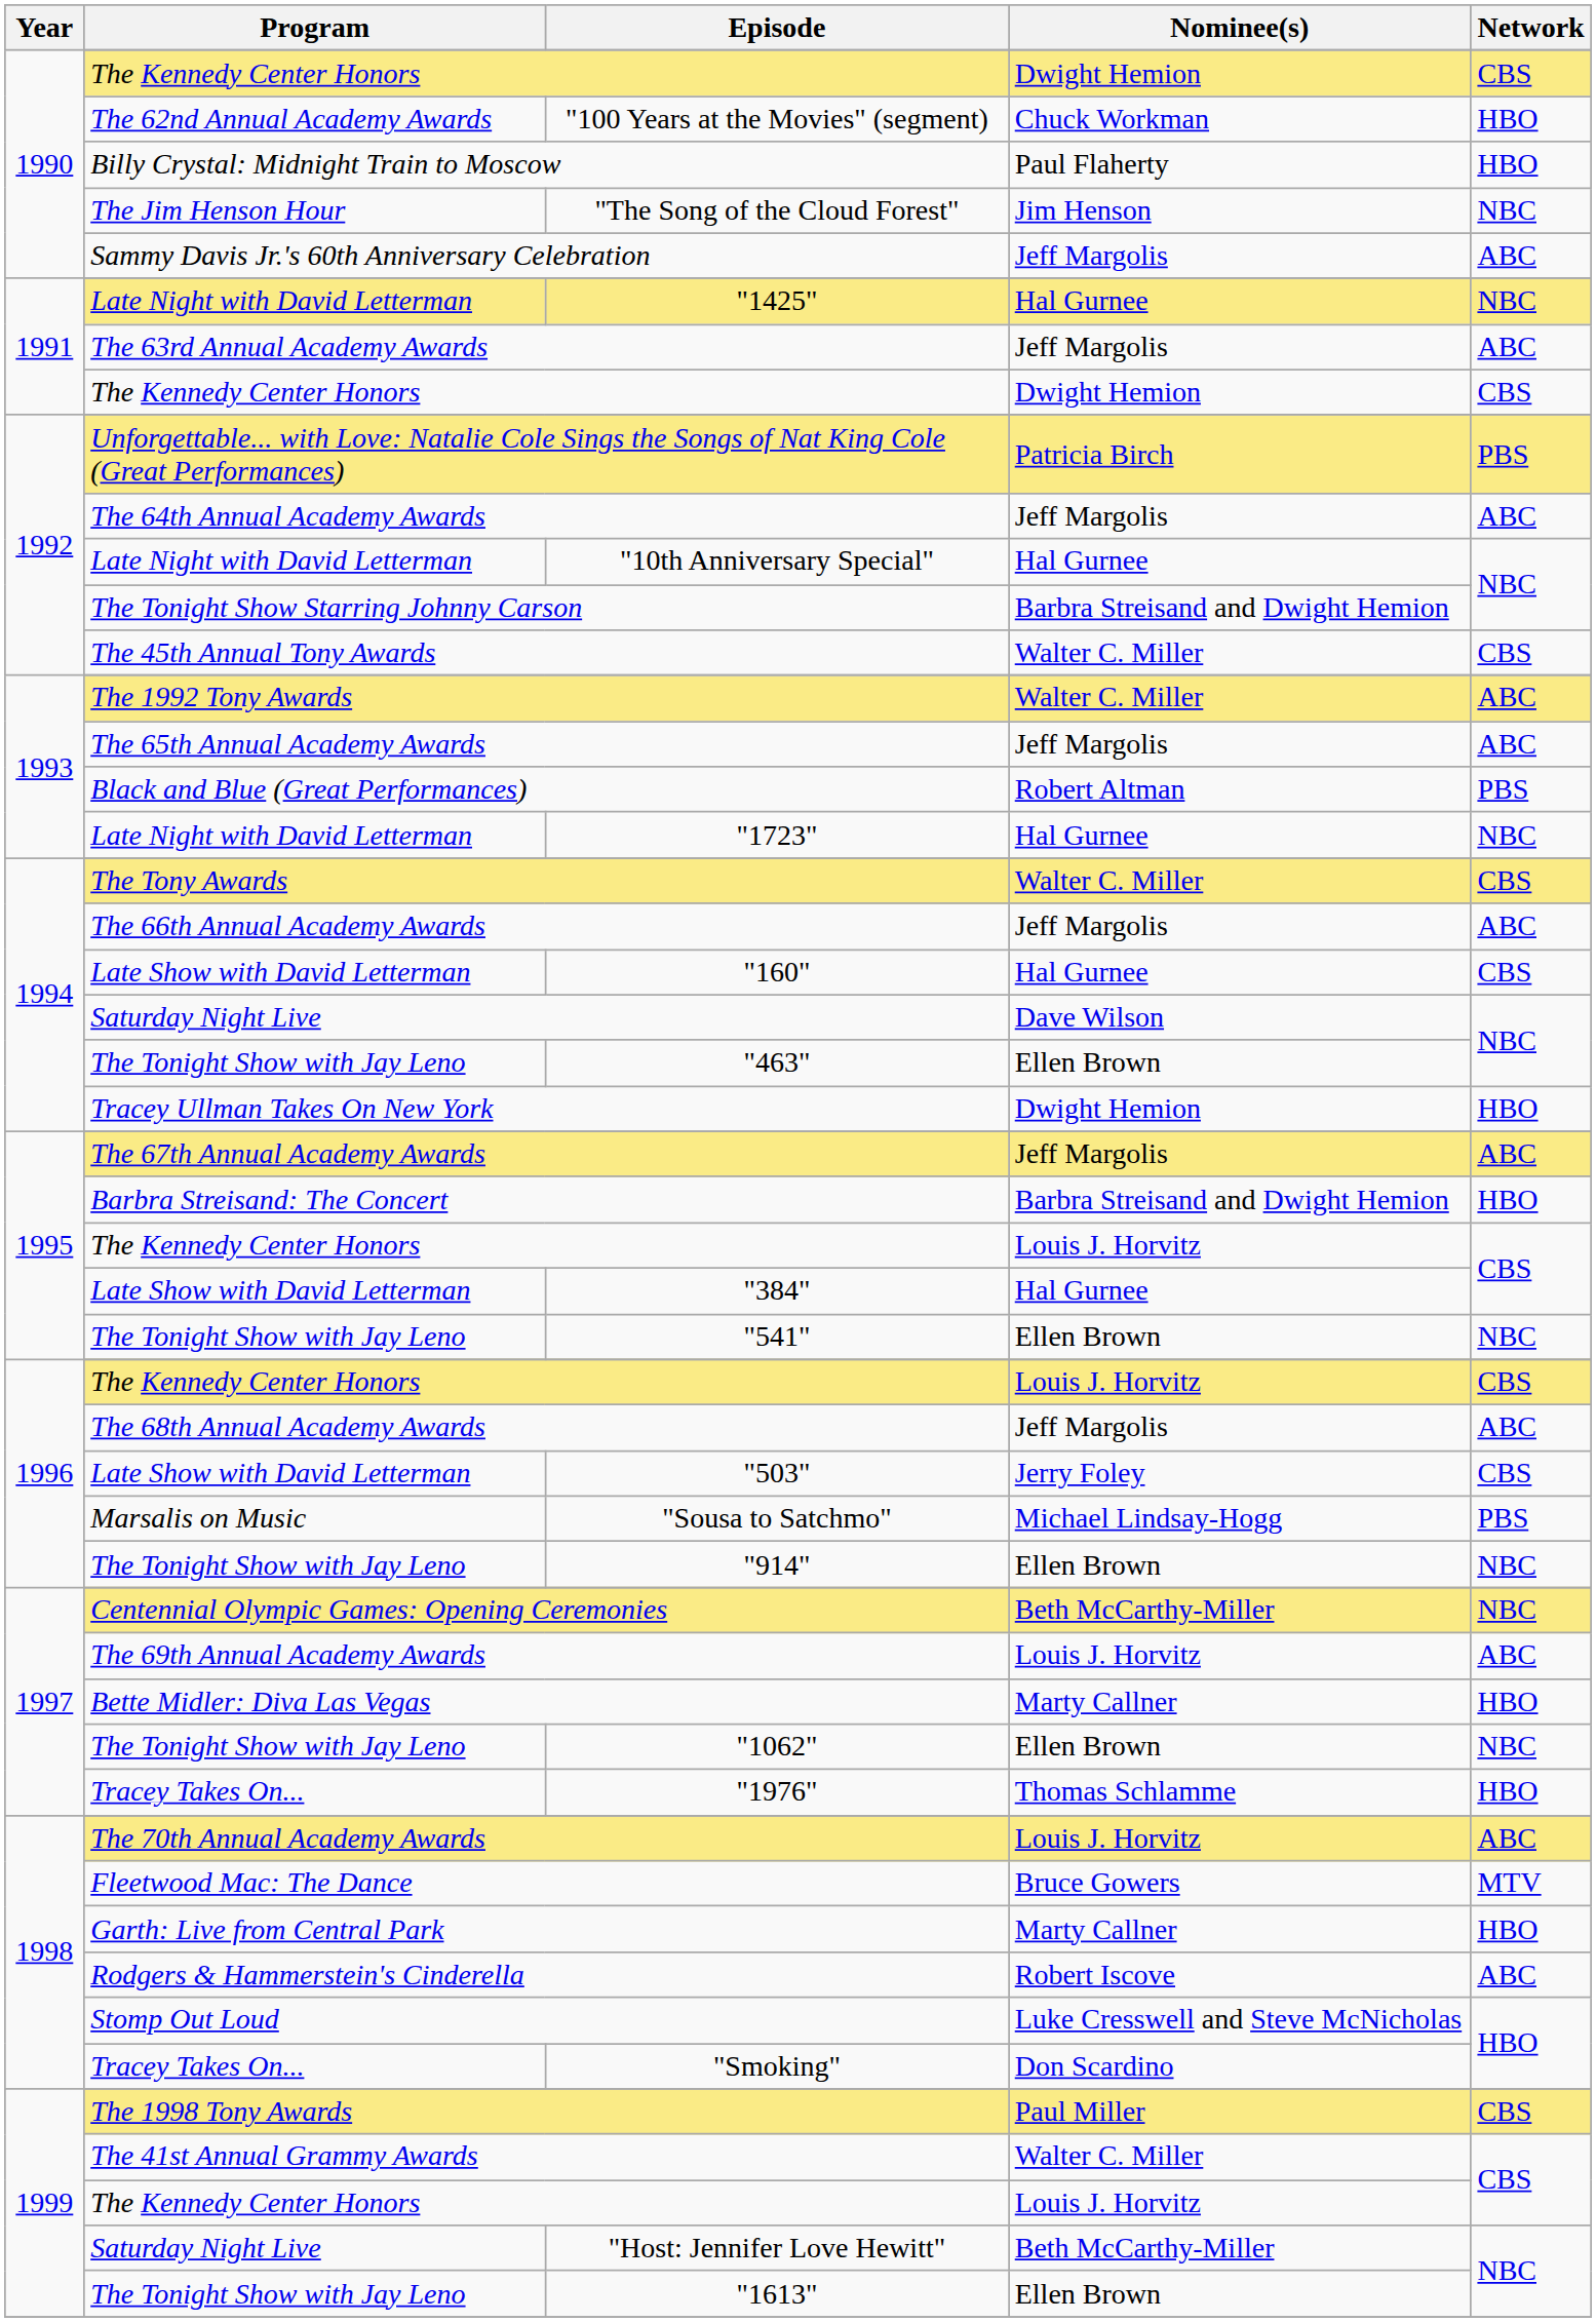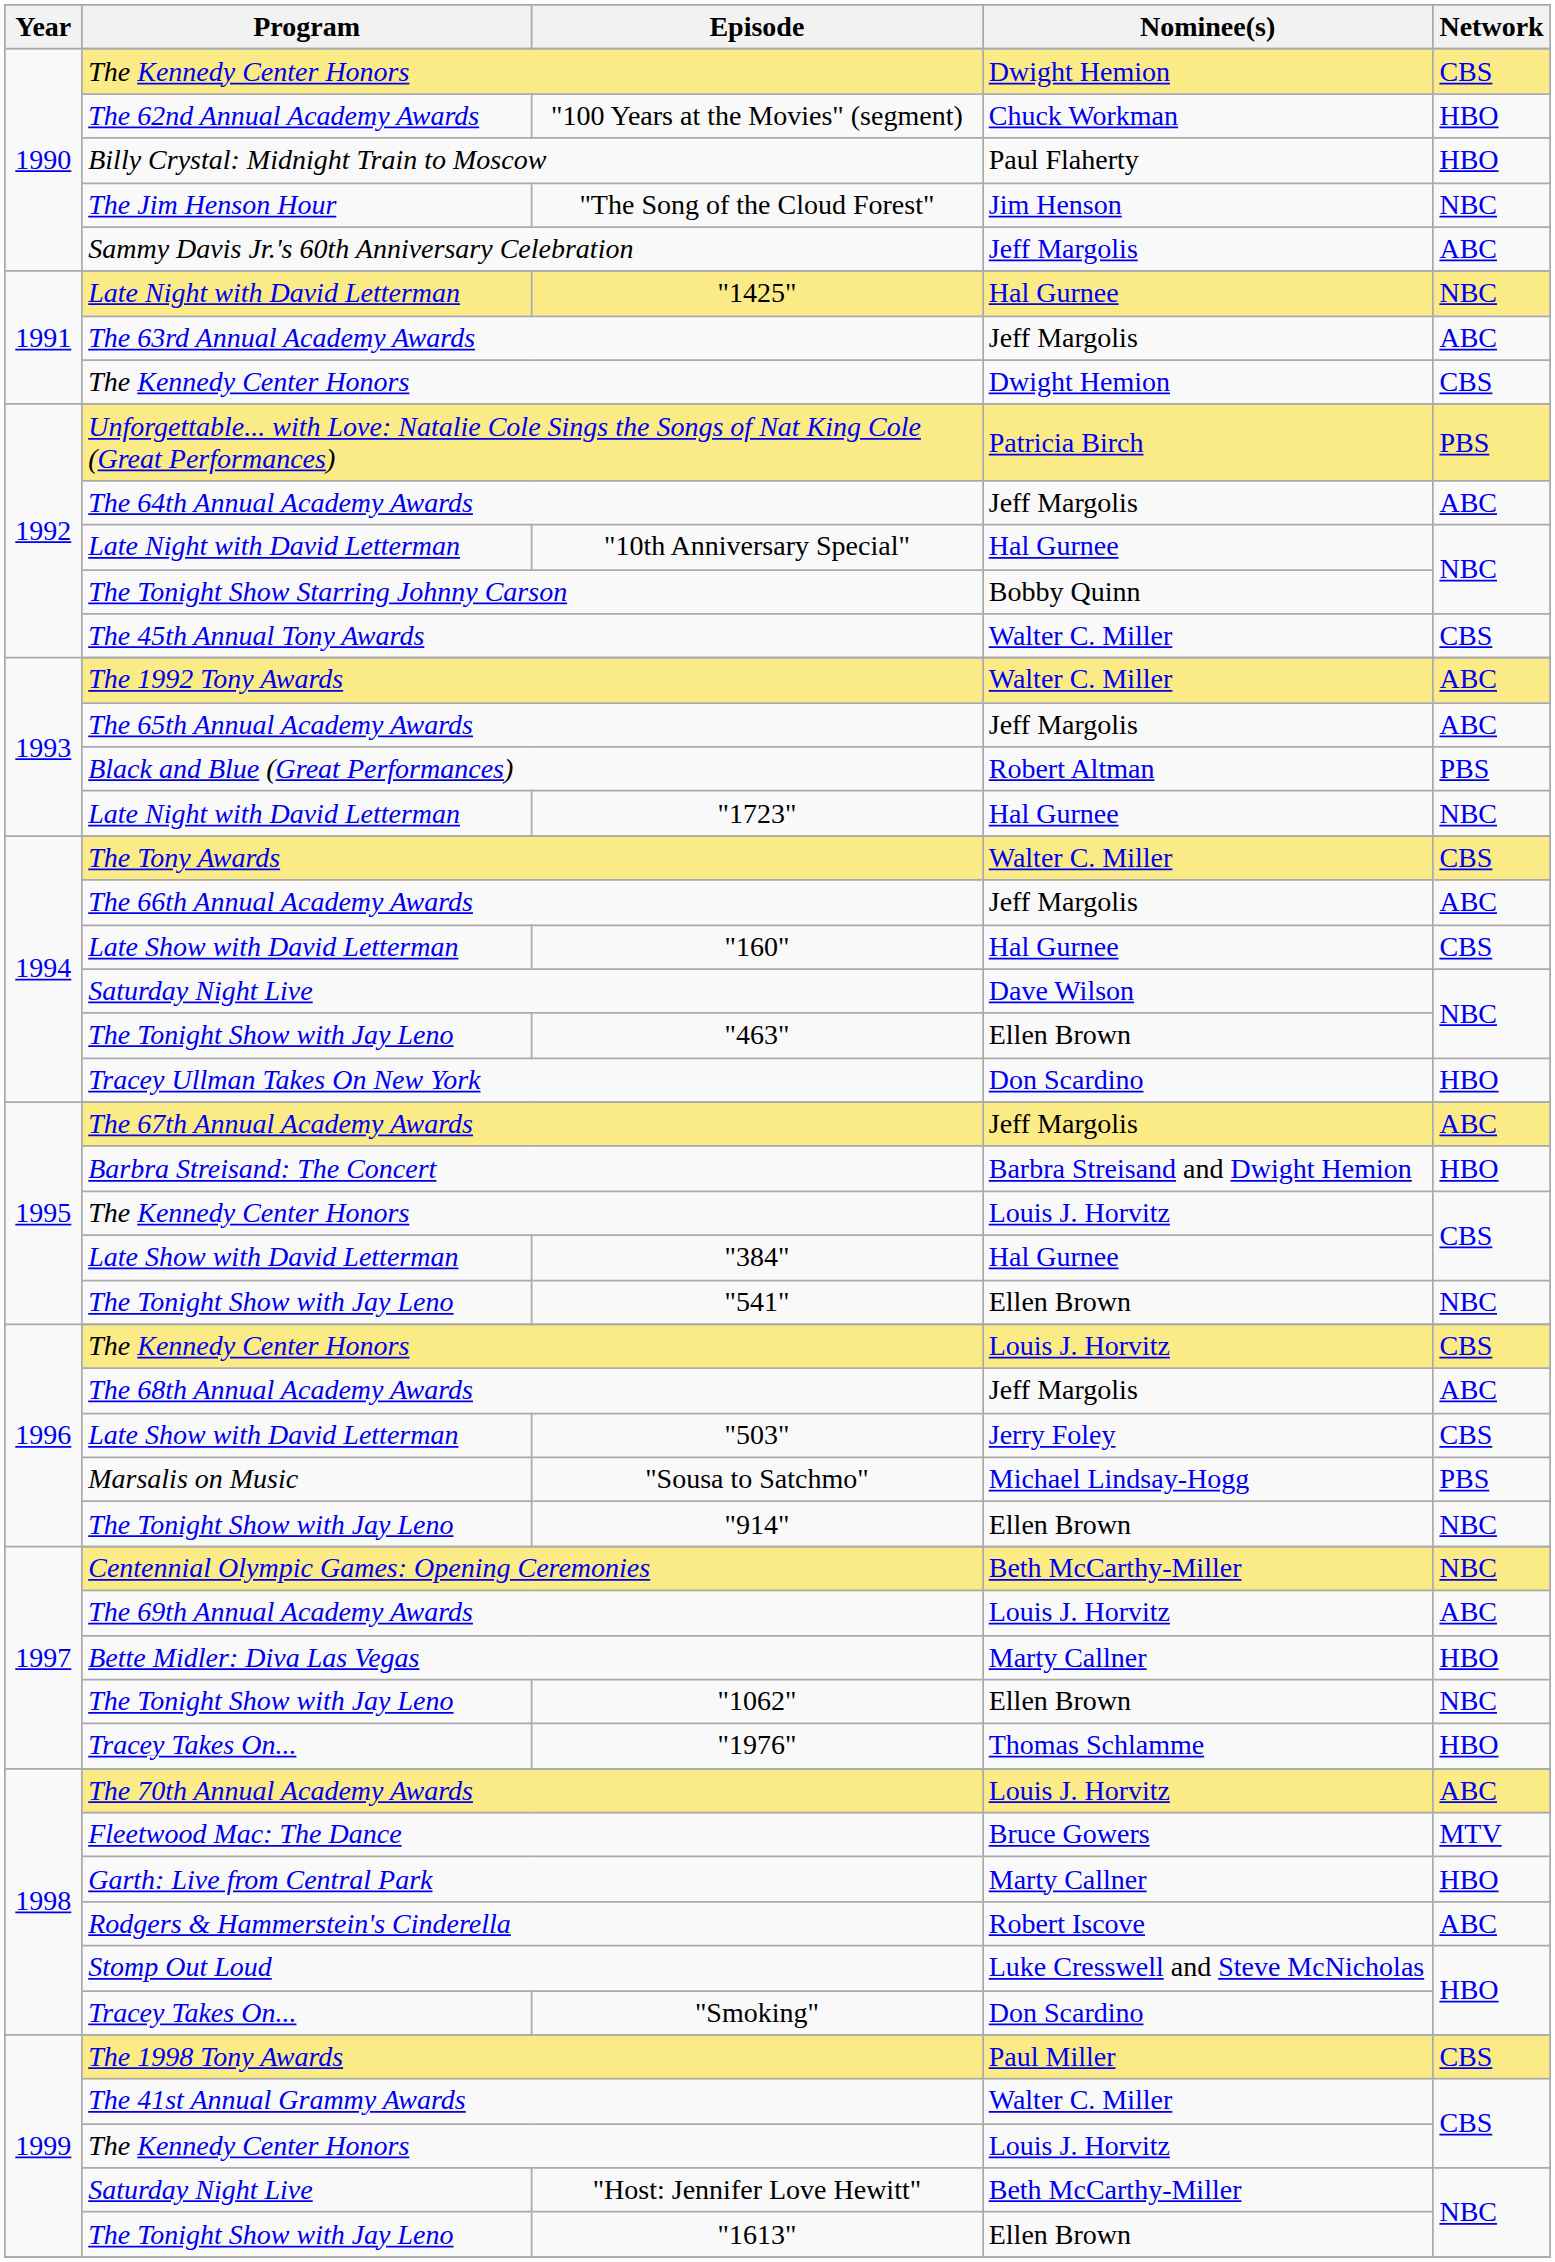 <table class="wikitable" style="width:100%">
 <tr bgcolor="#bebebe">
 <th width="5%">Year</th>
 <th width="30%">Program</th>
 <th width="30%">Episode</th>
 <th width="30%">Nominee(s)</th>
 <th width="5%">Network</th>
 </tr>
 <tr>
 <td rowspan="6" style="text-align:center;"><a href='#'>1990</a><br></td>
 </tr>
 <tr style="background:#FAEB86;">
 <td colspan=2><em>The <a href='#'>Kennedy Center Honors</a></em></td>
 <td><a href='#'>Dwight Hemion</a></td>
 <td><a href='#'>CBS</a></td>
 </tr>
 <tr>
 <td><em><a href='#'>The 62nd Annual Academy Awards</a></em></td>
 <td align=center>"100 Years at the Movies" (segment)</td>
 <td><a href='#'>Chuck Workman</a></td>
 <td><a href='#'>HBO</a></td>
 </tr>
 <tr>
 <td colspan=2><em>Billy Crystal: Midnight Train to Moscow</em></td>
 <td>Paul Flaherty</td>
 <td><a href='#'>HBO</a></td>
 </tr>
 <tr>
 <td><em><a href='#'>The Jim Henson Hour</a></em></td>
 <td align=center>"The Song of the Cloud Forest"</td>
 <td><a href='#'>Jim Henson</a></td>
 <td><a href='#'>NBC</a></td>
 </tr>
 <tr>
 <td colspan=2><em>Sammy Davis Jr.'s 60th Anniversary Celebration</em></td>
 <td><a href='#'>Jeff Margolis</a></td>
 <td><a href='#'>ABC</a></td>
 </tr>
 <tr>
 <td rowspan="4" style="text-align:center;"><a href='#'>1991</a><br></td>
 </tr>
 <tr style="background:#FAEB86;">
 <td><em><a href='#'>Late Night with David Letterman</a></em></td>
 <td align=center>"1425"</td>
 <td><a href='#'>Hal Gurnee</a></td>
 <td><a href='#'>NBC</a></td>
 </tr>
 <tr>
 <td colspan=2><em><a href='#'>The 63rd Annual Academy Awards</a></em></td>
 <td>Jeff Margolis</td>
 <td><a href='#'>ABC</a></td>
 </tr>
 <tr>
 <td colspan=2><em>The <a href='#'>Kennedy Center Honors</a></em></td>
 <td><a href='#'>Dwight Hemion</a></td>
 <td><a href='#'>CBS</a></td>
 </tr>
 <tr>
 <td rowspan="6" style="text-align:center;"><a href='#'>1992</a><br></td>
 </tr>
 <tr style="background:#FAEB86;">
 <td colspan=2><em><a href='#'>Unforgettable... with Love: Natalie Cole Sings the Songs of Nat King Cole</a> (<a href='#'>Great Performances</a>)</em></td>
 <td><a href='#'>Patricia Birch</a></td>
 <td><a href='#'>PBS</a></td>
 </tr>
 <tr>
 <td colspan=2><em><a href='#'>The 64th Annual Academy Awards</a></em></td>
 <td>Jeff Margolis</td>
 <td><a href='#'>ABC</a></td>
 </tr>
 <tr>
 <td><em><a href='#'>Late Night with David Letterman</a></em></td>
 <td align=center>"10th Anniversary Special"</td>
 <td><a href='#'>Hal Gurnee</a></td>
 <td rowspan=2><a href='#'>NBC</a></td>
 </tr>
 <tr>
 <td colspan=2><em><a href='#'>The Tonight Show Starring Johnny Carson</a></em></td>
-<td><a href='#'>Barbra Streisand</a> and <a href='#'>Dwight Hemion</a></td>
+<td>Bobby Quinn</td>
 </tr>
 <tr>
 <td colspan=2><em><a href='#'>The 45th Annual Tony Awards</a></em></td>
 <td><a href='#'>Walter C. Miller</a></td>
 <td><a href='#'>CBS</a></td>
 </tr>
 <tr>
 <td rowspan="5" style="text-align:center;"><a href='#'>1993</a><br></td>
 </tr>
 <tr style="background:#FAEB86;">
 <td colspan=2><em><a href='#'>The 1992 Tony Awards</a></em></td>
 <td><a href='#'>Walter C. Miller</a></td>
 <td><a href='#'>ABC</a></td>
 </tr>
 <tr>
 <td colspan=2><em><a href='#'>The 65th Annual Academy Awards</a></em></td>
 <td>Jeff Margolis</td>
 <td><a href='#'>ABC</a></td>
 </tr>
 <tr>
 <td colspan=2><em><a href='#'>Black and Blue</a> (<a href='#'>Great Performances</a>)</em></td>
 <td><a href='#'>Robert Altman</a></td>
 <td><a href='#'>PBS</a></td>
 </tr>
 <tr>
 <td><em><a href='#'>Late Night with David Letterman</a></em></td>
 <td align=center>"1723"</td>
 <td><a href='#'>Hal Gurnee</a></td>
 <td><a href='#'>NBC</a></td>
 </tr>
 <tr>
 <td rowspan="7" style="text-align:center;"><a href='#'>1994</a><br></td>
 </tr>
 <tr style="background:#FAEB86;">
 <td colspan=2><em><a href='#'>The Tony Awards</a></em></td>
 <td><a href='#'>Walter C. Miller</a></td>
 <td><a href='#'>CBS</a></td>
 </tr>
 <tr>
 <td colspan=2><em><a href='#'>The 66th Annual Academy Awards</a></em></td>
 <td>Jeff Margolis</td>
 <td><a href='#'>ABC</a></td>
 </tr>
 <tr>
 <td><em><a href='#'>Late Show with David Letterman</a></em></td>
 <td align=center>"160"</td>
 <td><a href='#'>Hal Gurnee</a></td>
 <td><a href='#'>CBS</a></td>
 </tr>
 <tr>
 <td colspan=2><em><a href='#'>Saturday Night Live</a></em></td>
 <td><a href='#'>Dave Wilson</a></td>
 <td rowspan=2><a href='#'>NBC</a></td>
 </tr>
 <tr>
 <td><em><a href='#'>The Tonight Show with Jay Leno</a></em></td>
 <td align=center>"463"</td>
 <td>Ellen Brown</td>
 </tr>
 <tr>
 <td colspan=2><em><a href='#'>Tracey Ullman Takes On New York</a></em></td>
-<td><a href='#'>Dwight Hemion</a></td>
+<td><a href='#'>Don Scardino</a></td>
 <td><a href='#'>HBO</a></td>
 </tr>
 <tr>
 <td rowspan="6" style="text-align:center;"><a href='#'>1995</a><br></td>
 </tr>
 <tr style="background:#FAEB86;">
 <td colspan=2><em><a href='#'>The 67th Annual Academy Awards</a></em></td>
 <td>Jeff Margolis</td>
 <td><a href='#'>ABC</a></td>
 </tr>
 <tr>
 <td colspan=2><em><a href='#'>Barbra Streisand: The Concert</a></em></td>
 <td><a href='#'>Barbra Streisand</a> and <a href='#'>Dwight Hemion</a></td>
 <td><a href='#'>HBO</a></td>
 </tr>
 <tr>
 <td colspan=2><em>The <a href='#'>Kennedy Center Honors</a></em></td>
 <td><a href='#'>Louis J. Horvitz</a></td>
 <td rowspan=2><a href='#'>CBS</a></td>
 </tr>
 <tr>
 <td><em><a href='#'>Late Show with David Letterman</a></em></td>
 <td align=center>"384"</td>
 <td><a href='#'>Hal Gurnee</a></td>
 </tr>
 <tr>
 <td><em><a href='#'>The Tonight Show with Jay Leno</a></em></td>
 <td align=center>"541"</td>
 <td>Ellen Brown</td>
 <td><a href='#'>NBC</a></td>
 </tr>
 <tr>
 <td rowspan="6" style="text-align:center;"><a href='#'>1996</a><br></td>
 </tr>
 <tr style="background:#FAEB86;">
 <td colspan=2><em>The <a href='#'>Kennedy Center Honors</a></em></td>
 <td><a href='#'>Louis J. Horvitz</a></td>
 <td><a href='#'>CBS</a></td>
 </tr>
 <tr>
 <td colspan=2><em><a href='#'>The 68th Annual Academy Awards</a></em></td>
 <td>Jeff Margolis</td>
 <td><a href='#'>ABC</a></td>
 </tr>
 <tr>
 <td><em><a href='#'>Late Show with David Letterman</a></em></td>
 <td align=center>"503"</td>
 <td><a href='#'>Jerry Foley</a></td>
 <td><a href='#'>CBS</a></td>
 </tr>
 <tr>
 <td><em>Marsalis on Music</em></td>
 <td align=center>"Sousa to Satchmo"</td>
 <td><a href='#'>Michael Lindsay-Hogg</a></td>
 <td><a href='#'>PBS</a></td>
 </tr>
 <tr>
 <td><em><a href='#'>The Tonight Show with Jay Leno</a></em></td>
 <td align=center>"914"</td>
 <td>Ellen Brown</td>
 <td><a href='#'>NBC</a></td>
 </tr>
 <tr>
 <td rowspan="6" style="text-align:center;"><a href='#'>1997</a><br></td>
 </tr>
 <tr style="background:#FAEB86;">
 <td colspan=2><em><a href='#'>Centennial Olympic Games: Opening Ceremonies</a></em></td>
 <td><a href='#'>Beth McCarthy-Miller</a></td>
 <td><a href='#'>NBC</a></td>
 </tr>
 <tr>
 <td colspan=2><em><a href='#'>The 69th Annual Academy Awards</a></em></td>
 <td><a href='#'>Louis J. Horvitz</a></td>
 <td><a href='#'>ABC</a></td>
 </tr>
 <tr>
 <td colspan=2><em><a href='#'>Bette Midler: Diva Las Vegas</a></em></td>
 <td><a href='#'>Marty Callner</a></td>
 <td><a href='#'>HBO</a></td>
 </tr>
 <tr>
 <td><em><a href='#'>The Tonight Show with Jay Leno</a></em></td>
 <td align=center>"1062"</td>
 <td>Ellen Brown</td>
 <td><a href='#'>NBC</a></td>
 </tr>
 <tr>
 <td><em><a href='#'>Tracey Takes On...</a></em></td>
 <td align=center>"1976"</td>
 <td><a href='#'>Thomas Schlamme</a></td>
 <td><a href='#'>HBO</a></td>
 </tr>
 <tr>
 <td rowspan="7" style="text-align:center;"><a href='#'>1998</a><br></td>
 </tr>
 <tr style="background:#FAEB86;">
 <td colspan=2><em><a href='#'>The 70th Annual Academy Awards</a></em></td>
 <td><a href='#'>Louis J. Horvitz</a></td>
 <td><a href='#'>ABC</a></td>
 </tr>
 <tr>
 <td colspan=2><em><a href='#'>Fleetwood Mac: The Dance</a></em></td>
 <td><a href='#'>Bruce Gowers</a></td>
 <td><a href='#'>MTV</a></td>
 </tr>
 <tr>
 <td colspan=2><em><a href='#'>Garth: Live from Central Park</a></em></td>
 <td><a href='#'>Marty Callner</a></td>
 <td><a href='#'>HBO</a></td>
 </tr>
 <tr>
 <td colspan=2><em><a href='#'>Rodgers & Hammerstein's Cinderella</a></em></td>
 <td><a href='#'>Robert Iscove</a></td>
 <td><a href='#'>ABC</a></td>
 </tr>
 <tr>
 <td colspan=2><em><a href='#'>Stomp Out Loud</a></em></td>
 <td><a href='#'>Luke Cresswell</a> and <a href='#'>Steve McNicholas</a></td>
 <td rowspan=2><a href='#'>HBO</a></td>
 </tr>
 <tr>
 <td><em><a href='#'>Tracey Takes On...</a></em></td>
 <td align=center>"Smoking"</td>
 <td><a href='#'>Don Scardino</a></td>
 </tr>
 <tr>
 <td rowspan="6" style="text-align:center;"><a href='#'>1999</a><br></td>
 </tr>
 <tr style="background:#FAEB86;">
 <td colspan=2><em><a href='#'>The 1998 Tony Awards</a></em></td>
 <td><a href='#'>Paul Miller</a></td>
 <td><a href='#'>CBS</a></td>
 </tr>
 <tr>
 <td colspan=2><em><a href='#'>The 41st Annual Grammy Awards</a></em></td>
 <td><a href='#'>Walter C. Miller</a></td>
 <td rowspan=2><a href='#'>CBS</a></td>
 </tr>
 <tr>
 <td colspan=2><em>The <a href='#'>Kennedy Center Honors</a></em></td>
 <td><a href='#'>Louis J. Horvitz</a></td>
 </tr>
 <tr>
 <td><em><a href='#'>Saturday Night Live</a></em></td>
 <td align=center>"Host: Jennifer Love Hewitt"</td>
 <td><a href='#'>Beth McCarthy-Miller</a></td>
 <td rowspan=2><a href='#'>NBC</a></td>
 </tr>
 <tr>
 <td><em><a href='#'>The Tonight Show with Jay Leno</a></em></td>
 <td align=center>"1613"</td>
 <td>Ellen Brown</td>
 </tr>
 <tr>
 </tr>
 </table>
